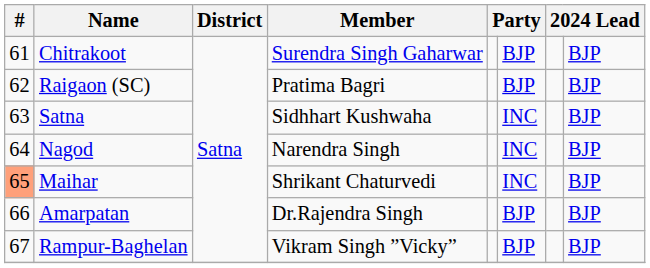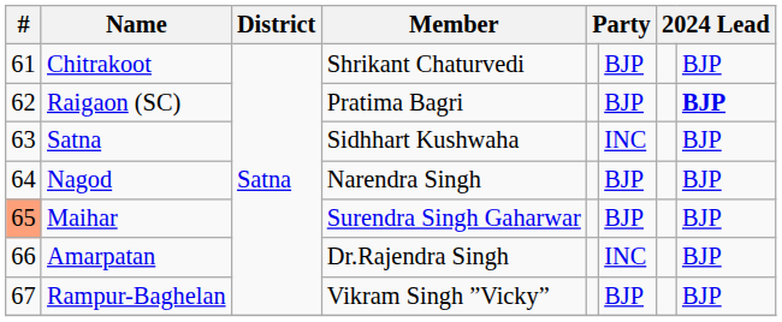 <table class="wikitable">
 <tr>
 <th>#</th>
 <th>Name</th>
 <th>District</th>
 <th>Member</th>
 <th colspan="2">Party</th>
 <th colspan="2">2024 Lead</th>
 </tr>
 <tr>
 <td>61</td>
 <td><a href='#'>Chitrakoot</a></td>
 <td rowspan="7"><a href='#'>Satna</a></td>
-<td><a href='#'>Surendra Singh Gaharwar</a></td>
+<td>Shrikant Chaturvedi</td>
 <td style="background-color: "></td>
 <td><a href='#'>BJP</a></td>
 <td style="background-color: "></td>
 <td><a href='#'>BJP</a></td>
 </tr>
 <tr>
 <td>62</td>
 <td><a href='#'>Raigaon</a> (SC)</td>
 <td>Pratima Bagri</td>
 <td style="background-color: "></td>
 <td><a href='#'>BJP</a></td>
 <td style="background-color: "></td>
-<td><a href='#'>BJP</a></td>
+<td><strong><a href='#'>BJP</a></strong></td>
 </tr>
 <tr>
 <td>63</td>
 <td><a href='#'>Satna</a></td>
 <td>Sidhhart Kushwaha</td>
 <td style="background-color: "></td>
 <td><a href='#'>INC</a></td>
 <td style="background-color: "></td>
 <td><a href='#'>BJP</a></td>
 </tr>
 <tr>
 <td>64</td>
 <td><a href='#'>Nagod</a></td>
 <td>Narendra Singh</td>
 <td style="background-color: "></td>
-<td><a href='#'>INC</a></td>
+<td><a href='#'>BJP</a></td>
 <td style="background-color: "></td>
 <td><a href='#'>BJP</a></td>
 </tr>
 <tr>
 <td style="background: lightsalmon;">65</td>
 <td><a href='#'>Maihar</a></td>
-<td>Shrikant Chaturvedi</td>
+<td><a href='#'>Surendra Singh Gaharwar</a></td>
 <td style="background-color: "></td>
-<td><a href='#'>INC</a></td>
+<td><a href='#'>BJP</a></td>
 <td style="background-color: "></td>
 <td><a href='#'>BJP</a></td>
 </tr>
 <tr>
 <td>66</td>
 <td><a href='#'>Amarpatan</a></td>
 <td>Dr.Rajendra Singh</td>
 <td style="background-color: "></td>
-<td><a href='#'>BJP</a></td>
+<td><a href='#'>INC</a></td>
 <td style="background-color: "></td>
 <td><a href='#'>BJP</a></td>
 </tr>
 <tr>
 <td>67</td>
 <td><a href='#'>Rampur-Baghelan</a></td>
 <td>Vikram Singh ”Vicky”</td>
 <td style="background-color: "></td>
 <td><a href='#'>BJP</a></td>
 <td style="background-color: "></td>
 <td><a href='#'>BJP</a></td>
 </tr>
 <tr>
 </tr>
 </table>
